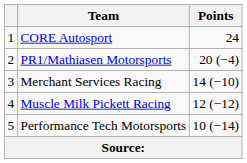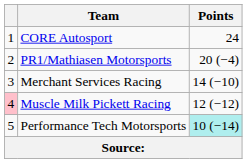 <table class="wikitable" style="font-size: 95%;">
 <tr>
 <th scope="col"></th>
 <th scope="col">Team</th>
 <th scope="col">Points</th>
 </tr>
 <tr>
 <td align=center>1</td>
 <td> <a href='#'>CORE Autosport</a></td>
 <td align=right>24</td>
 </tr>
 <tr>
 <td align=center>2</td>
 <td> <a href='#'>PR1/Mathiasen Motorsports</a></td>
 <td align=right>20 (−4)</td>
 </tr>
 <tr>
 <td align=center>3</td>
 <td> Merchant Services Racing</td>
 <td align=right>14 (−10)</td>
 </tr>
 <tr>
-<td align=center>4</td>
+<td align=center style="background: pink;">4</td>
 <td> <a href='#'>Muscle Milk Pickett Racing</a></td>
 <td align=right>12 (−12)</td>
 </tr>
 <tr>
 <td align=center>5</td>
 <td> Performance Tech Motorsports</td>
-<td align=right>10 (−14)</td>
+<td align=right style="background: paleturquoise;">10 (−14)</td>
 </tr>
 <tr>
 <th colspan=4>Source:</th>
 </tr>
 </table>
